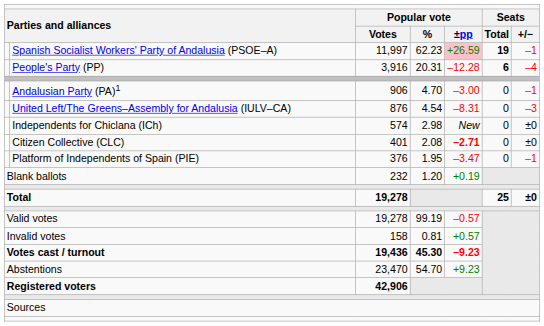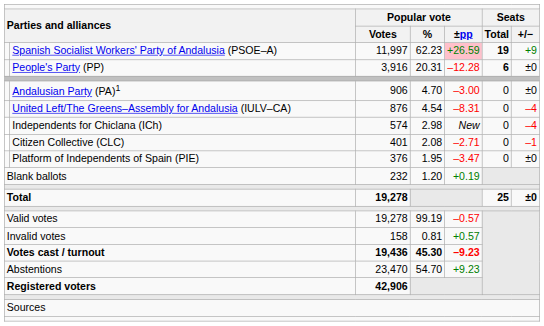 <table class="wikitable" style="text-align:right;">
 <tr>
 <td colspan="7"></td>
 </tr>
 <tr>
 <th style="text-align:left;" rowspan="2" colspan="2" width="525">Parties and alliances</th>
 <th colspan="3">Popular vote</th>
 <th colspan="2">Seats</th>
 </tr>
 <tr>
 <th width="75">Votes</th>
 <th width="45">%</th>
 <th width="45">±<a href='#'>pp</a></th>
 <th width="35">Total</th>
 <th width="35">+/−</th>
 </tr>
 <tr>
 <td width="1" style="color:inherit;background:"></td>
 <td align="left"><a href='#'>Spanish Socialist Workers' Party of Andalusia</a> (PSOE–A)</td>
 <td>11,997</td>
 <td>62.23</td>
 <td style="background: pink; color:green;">+26.59</td>
 <td><strong>19</strong></td>
-<td style="color:red;">–1</td>
+<td style="color:green;">+9</td>
 </tr>
 <tr>
 <td style="color:inherit;background:"></td>
 <td align="left"><a href='#'>People's Party</a> (PP)</td>
 <td>3,916</td>
 <td>20.31</td>
 <td style="color:red;">–12.28</td>
 <td><strong>6</strong></td>
-<td style="color:red;">–4</td>
+<td>±0</td>
 </tr>
 <tr>
 <td colspan="7" bgcolor="#C0C0C0"></td>
 </tr>
 <tr>
 <td style="color:inherit;background:"></td>
 <td align="left"><a href='#'>Andalusian Party</a> (PA)<sup>1</sup></td>
 <td>906</td>
 <td>4.70</td>
 <td style="color:red;">–3.00</td>
 <td>0</td>
-<td style="color:red;">–1</td>
+<td>±0</td>
 </tr>
 <tr>
 <td style="color:inherit;background:"></td>
 <td align="left"><a href='#'>United Left/The Greens–Assembly for Andalusia</a> (IULV–CA)</td>
 <td>876</td>
 <td>4.54</td>
 <td style="color:red;">–8.31</td>
 <td>0</td>
-<td style="color:red;">–3</td>
+<td style="color:red;">–4</td>
 </tr>
 <tr>
 <td bgcolor="white"></td>
 <td align="left">Independents for Chiclana (ICh)</td>
 <td>574</td>
 <td>2.98</td>
 <td><em>New</em></td>
 <td>0</td>
-<td>±0</td>
+<td style="color:red;">–4</td>
 </tr>
 <tr>
 <td bgcolor="white"></td>
 <td align="left">Citizen Collective (CLC)</td>
 <td>401</td>
 <td>2.08</td>
-<td style="color:red;"><strong>–2.71</strong></td>
+<td style="color:red;">–2.71</td>
 <td>0</td>
-<td>±0</td>
+<td style="color:red;">–1</td>
 </tr>
 <tr>
 <td style="color:inherit;background:"></td>
 <td align="left">Platform of Independents of Spain (PIE)</td>
 <td>376</td>
 <td>1.95</td>
 <td style="color:red;">–3.47</td>
 <td>0</td>
-<td style="color:red;">–1</td>
+<td>±0</td>
 </tr>
 <tr>
 <td align="left" colspan="2">Blank ballots</td>
 <td>232</td>
 <td>1.20</td>
 <td style="color:green;">+0.19</td>
 <td bgcolor="#E9E9E9" colspan="2"></td>
 </tr>
 <tr>
 <td colspan="7" bgcolor="#E9E9E9"></td>
 </tr>
 <tr style="font-weight:bold;">
 <td align="left" colspan="2">Total</td>
 <td>19,278</td>
 <td bgcolor="#E9E9E9" colspan="2"></td>
 <td>25</td>
 <td>±0</td>
 </tr>
 <tr>
 <td colspan="7" bgcolor="#E9E9E9"></td>
 </tr>
 <tr>
 <td align="left" colspan="2">Valid votes</td>
 <td>19,278</td>
 <td>99.19</td>
 <td style="color:red;">–0.57</td>
 <td bgcolor="#E9E9E9" colspan="2" rowspan="5"></td>
 </tr>
 <tr>
 <td align="left" colspan="2">Invalid votes</td>
 <td>158</td>
 <td>0.81</td>
 <td style="color:green;">+0.57</td>
 </tr>
 <tr style="font-weight:bold;">
 <td align="left" colspan="2">Votes cast / turnout</td>
 <td>19,436</td>
 <td>45.30</td>
 <td style="color:red;">–9.23</td>
 </tr>
 <tr>
 <td align="left" colspan="2">Abstentions</td>
 <td>23,470</td>
 <td>54.70</td>
 <td style="color:green;">+9.23</td>
 </tr>
 <tr style="font-weight:bold;">
 <td align="left" colspan="2">Registered voters</td>
 <td>42,906</td>
 <td bgcolor="#E9E9E9" colspan="2"></td>
 </tr>
 <tr>
 <td colspan="7" bgcolor="#E9E9E9"></td>
 </tr>
 <tr>
 <td align="left" colspan="7">Sources</td>
 </tr>
 <tr>
 <td colspan="7" style="text-align:left; max-width:790px;"></td>
 </tr>
 </table>
